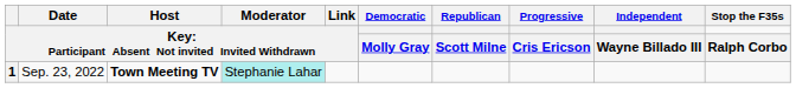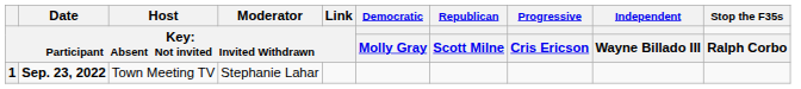 <table class="wikitable" style="text-align:center;">
 <tr>
 <th scope="col"></th>
 <th scope="col">Date</th>
 <th scope="col">Host</th>
 <th scope="col">Moderator</th>
 <th scope="col">Link</th>
 <th scope="col"><small><a href='#'>Democratic</a></small></th>
 <th scope="col"><small><a href='#'>Republican</a></small></th>
 <th scope="col"><small><a href='#'>Progressive</a></small></th>
 <th scope="col"><small><a href='#'>Independent</a></small></th>
 <th scope="col"><small>Stop the F35s</small></th>
 </tr>
 <tr>
 <th colspan="5" rowspan="2">Key:<br> <small>Participant </small>  <small>Absent </small>  <small>Not invited </small>  <small>Invited  Withdrawn</small></th>
 <th scope="col" style="background:"></th>
 <th scope="col" style="background:"></th>
 <th scope="col" style="background:"></th>
 <th scope="col" style="background:"></th>
 </tr>
 <tr>
 <th scope="col"><a href='#'>Molly Gray</a></th>
 <th scope="col"><a href='#'>Scott Milne</a></th>
 <th scope="col"><a href='#'>Cris Ericson</a></th>
 <th scope="col">Wayne Billado III</th>
 <th scope="col">Ralph Corbo</th>
 </tr>
 <tr>
 <th>1</th>
-<td style="white-space:nowrap;">Sep. 23, 2022</td>
-<td style="white-space:nowrap;"><strong>Town Meeting TV</strong></td>
-<td style="background: paleturquoise; white-space:nowrap;">Stephanie Lahar</td>
+<td style="white-space:nowrap;"><strong>Sep. 23, 2022</strong></td>
+<td style="white-space:nowrap;">Town Meeting TV</td>
+<td style="white-space:nowrap;">Stephanie Lahar</td>
 <td style="white-space:nowrap;"></td>
 <td></td>
 <td></td>
 <td></td>
 <td></td>
 <td></td>
 </tr>
 </table>
